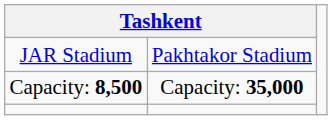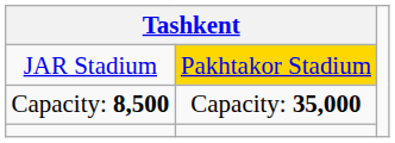 <table class="wikitable" style="text-align:center">
 <tr>
 <th colspan=2><a href='#'>Tashkent</a></th>
 <td rowspan=4></td>
 </tr>
 <tr>
 <td><a href='#'>JAR Stadium</a></td>
-<td><a href='#'>Pakhtakor Stadium</a></td>
+<td style="background: gold;"><a href='#'>Pakhtakor Stadium</a></td>
 </tr>
 <tr>
 <td>Capacity: <strong>8,500</strong></td>
 <td>Capacity: <strong>35,000</strong></td>
 </tr>
 <tr>
 <td></td>
 <td></td>
 </tr>
 </table>
